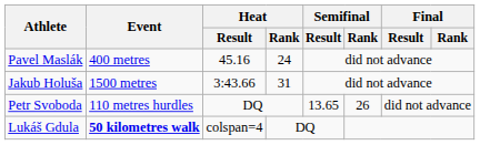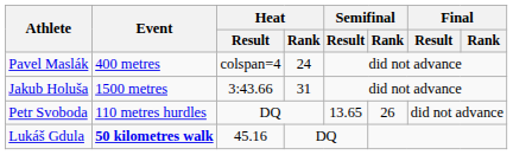 <table class="wikitable" style="font-size:90%">
 <tr>
 <th rowspan="2">Athlete</th>
 <th rowspan="2">Event</th>
 <th colspan="2">Heat</th>
 <th colspan="2">Semifinal</th>
 <th colspan="2">Final</th>
 </tr>
 <tr style="font-size:95%">
 <th>Result</th>
 <th>Rank</th>
 <th>Result</th>
 <th>Rank</th>
 <th>Result</th>
 <th>Rank</th>
 </tr>
 <tr style=text-align:center>
 <td style=text-align:left><a href='#'>Pavel Maslák</a></td>
 <td style=text-align:left><a href='#'>400 metres</a></td>
-<td>45.16</td>
+<td>colspan=4 </td>
 <td>24</td>
 <td colspan=4>did not advance</td>
 </tr>
 <tr style=text-align:center>
 <td style=text-align:left><a href='#'>Jakub Holuša</a></td>
 <td style=text-align:left><a href='#'>1500 metres</a></td>
 <td>3:43.66</td>
 <td>31</td>
 <td colspan=4>did not advance</td>
 </tr>
 <tr style=text-align:center>
 <td style=text-align:left><a href='#'>Petr Svoboda</a></td>
 <td style=text-align:left><a href='#'>110 metres hurdles</a></td>
 <td colspan=2>DQ</td>
 <td>13.65</td>
 <td>26</td>
 <td colspan=2>did not advance</td>
 </tr>
 <tr style=text-align:center>
 <td style=text-align:left><a href='#'>Lukáš Gdula</a></td>
 <td style=text-align:left><strong><a href='#'>50 kilometres walk</a></strong></td>
-<td>colspan=4 </td>
+<td>45.16</td>
 <td colspan="2">DQ</td>
 </tr>
 </table>
